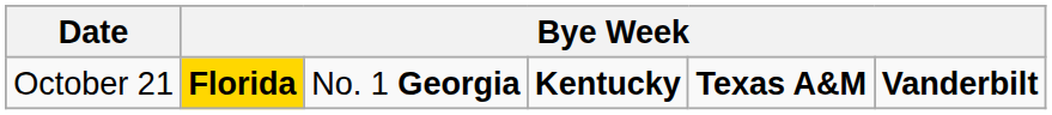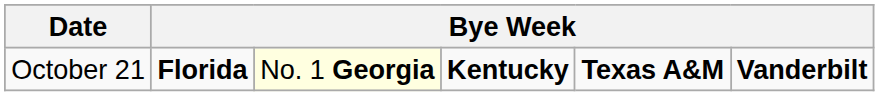 <table class="wikitable" style="font-size:95%;">
 <tr>
 <th>Date</th>
 <th colspan="5">Bye Week</th>
 </tr>
 <tr>
 <td>October 21</td>
-<td style="background: gold;"><strong>Florida</strong></td>
-<td>No. 1 <strong>Georgia</strong></td>
+<td><strong>Florida</strong></td>
+<td style="background: lightyellow;">No. 1 <strong>Georgia</strong></td>
 <td><strong>Kentucky</strong></td>
 <td><strong>Texas A&M</strong></td>
 <td><strong>Vanderbilt</strong></td>
 </tr>
 </table>
